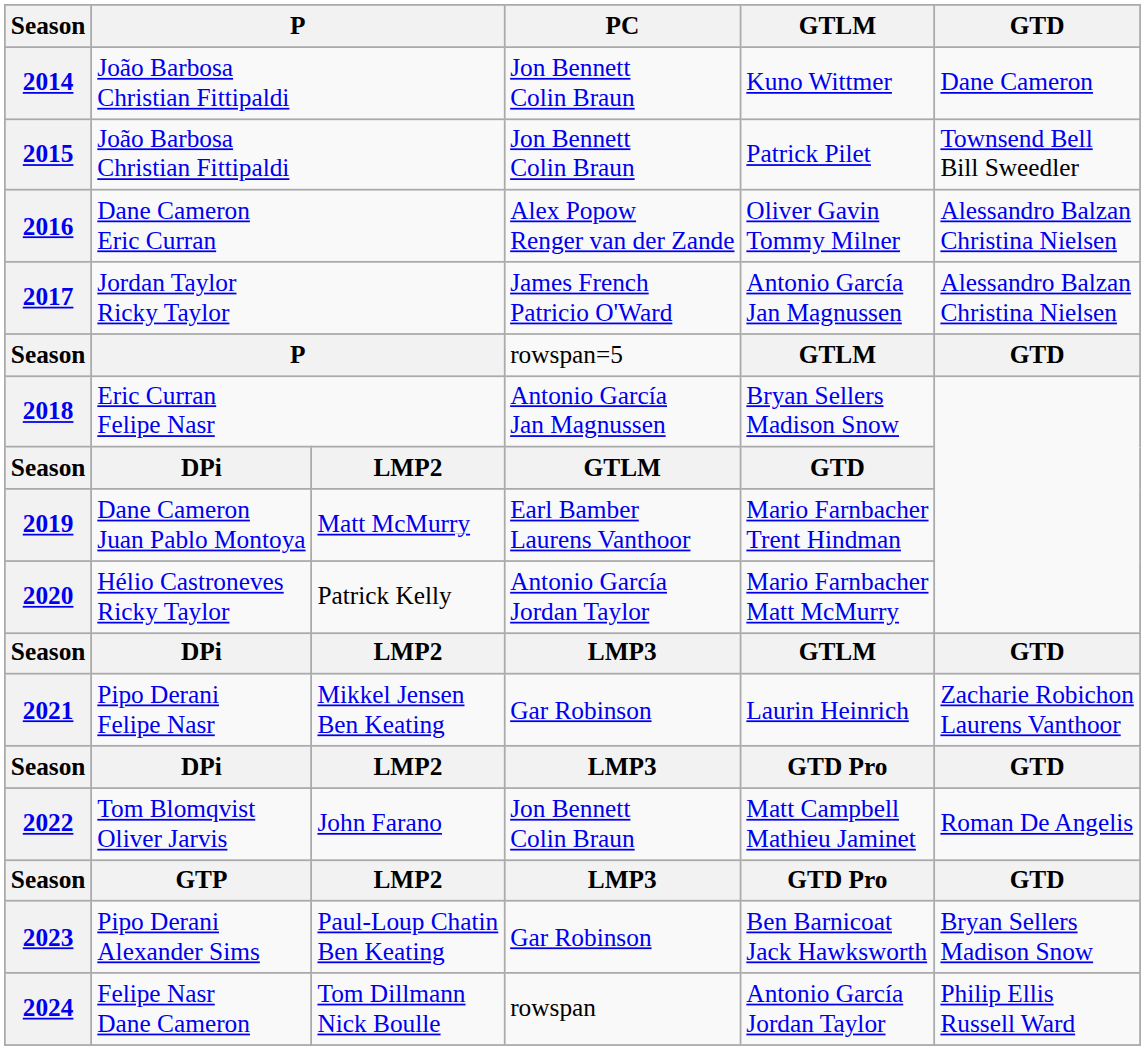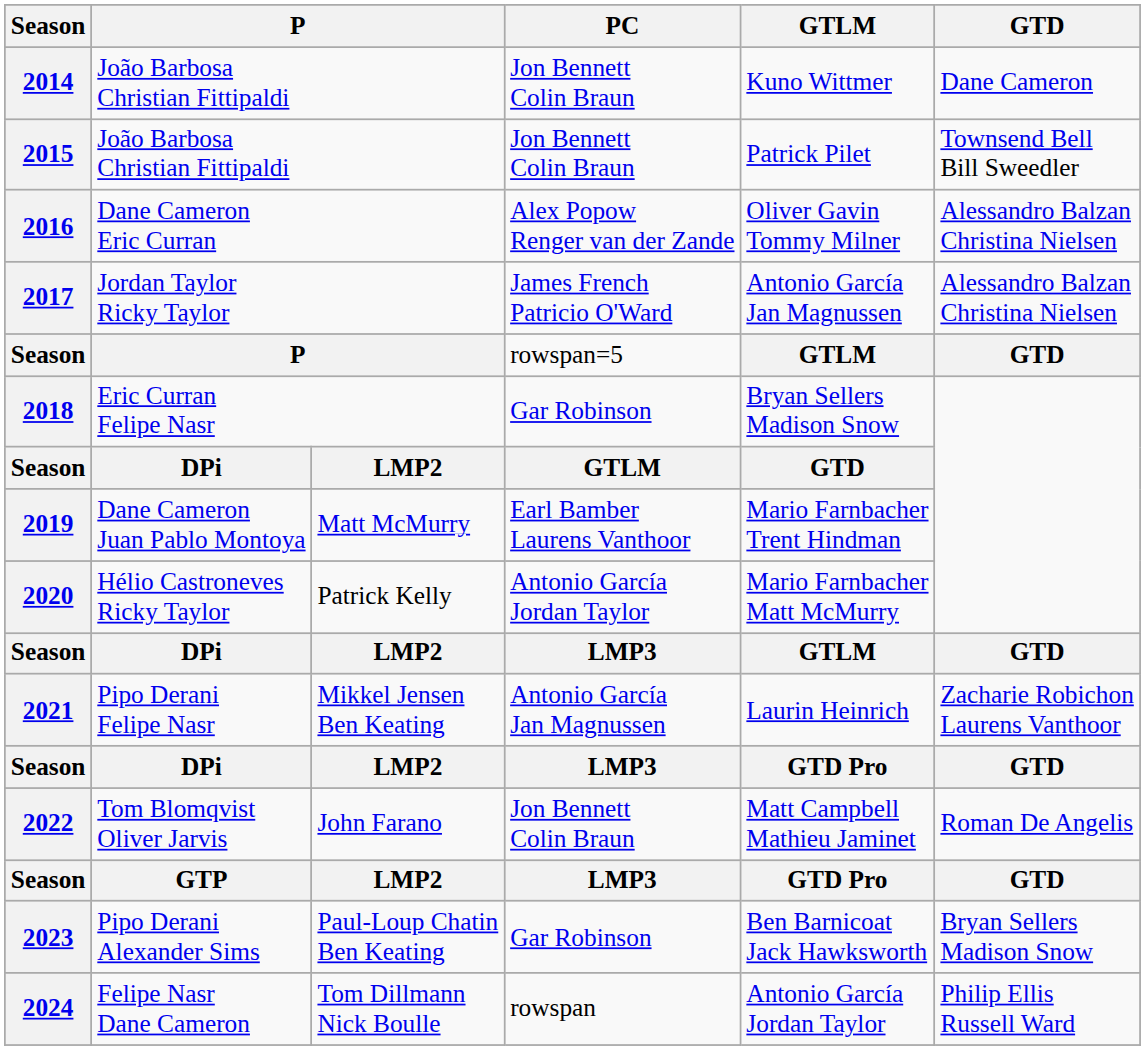 <table class="wikitable" style="font-size:90%">
 <tr>
 <th>Season</th>
 <th colspan=2>P</th>
 <th>PC</th>
 <th>GTLM</th>
 <th>GTD</th>
 </tr>
 <tr>
 <th><a href='#'>2014</a></th>
 <td colspan=2> <a href='#'>João Barbosa</a><br> <a href='#'>Christian Fittipaldi</a></td>
 <td> <a href='#'>Jon Bennett</a><br> <a href='#'>Colin Braun</a></td>
 <td> <a href='#'>Kuno Wittmer</a></td>
 <td> <a href='#'>Dane Cameron</a></td>
 </tr>
 <tr>
 <th><a href='#'>2015</a></th>
 <td colspan=2> <a href='#'>João Barbosa</a><br> <a href='#'>Christian Fittipaldi</a></td>
 <td> <a href='#'>Jon Bennett</a><br> <a href='#'>Colin Braun</a></td>
 <td> <a href='#'>Patrick Pilet</a></td>
 <td> <a href='#'>Townsend Bell</a><br> Bill Sweedler</td>
 </tr>
 <tr>
 <th><a href='#'>2016</a></th>
 <td colspan=2> <a href='#'>Dane Cameron</a><br> <a href='#'>Eric Curran</a></td>
 <td> <a href='#'>Alex Popow</a><br> <a href='#'>Renger van der Zande</a></td>
 <td> <a href='#'>Oliver Gavin</a><br> <a href='#'>Tommy Milner</a></td>
 <td> <a href='#'>Alessandro Balzan</a><br> <a href='#'>Christina Nielsen</a></td>
 </tr>
 <tr>
 <th><a href='#'>2017</a></th>
 <td colspan=2> <a href='#'>Jordan Taylor</a><br> <a href='#'>Ricky Taylor</a></td>
 <td> <a href='#'>James French</a><br> <a href='#'>Patricio O'Ward</a></td>
 <td> <a href='#'>Antonio García</a><br> <a href='#'>Jan Magnussen</a></td>
 <td> <a href='#'>Alessandro Balzan</a><br> <a href='#'>Christina Nielsen</a></td>
 </tr>
 <tr>
 <th>Season</th>
 <th colspan=2>P</th>
 <td>rowspan=5 </td>
 <th>GTLM</th>
 <th>GTD</th>
 </tr>
 <tr>
 <th><a href='#'>2018</a></th>
 <td colspan=2> <a href='#'>Eric Curran</a><br> <a href='#'>Felipe Nasr</a></td>
-<td> <a href='#'>Antonio García</a><br> <a href='#'>Jan Magnussen</a></td>
+<td> <a href='#'>Gar Robinson</a></td>
 <td> <a href='#'>Bryan Sellers</a><br> <a href='#'>Madison Snow</a></td>
 </tr>
 <tr>
 <th>Season</th>
 <th>DPi</th>
 <th>LMP2</th>
 <th>GTLM</th>
 <th>GTD</th>
 </tr>
 <tr>
 <th><a href='#'>2019</a></th>
 <td> <a href='#'>Dane Cameron</a><br> <a href='#'>Juan Pablo Montoya</a></td>
 <td> <a href='#'>Matt McMurry</a></td>
 <td> <a href='#'>Earl Bamber</a><br> <a href='#'>Laurens Vanthoor</a></td>
 <td> <a href='#'>Mario Farnbacher</a><br> <a href='#'>Trent Hindman</a></td>
 </tr>
 <tr>
 <th><a href='#'>2020</a></th>
 <td> <a href='#'>Hélio Castroneves</a><br> <a href='#'>Ricky Taylor</a></td>
 <td> Patrick Kelly</td>
 <td> <a href='#'>Antonio García</a><br> <a href='#'>Jordan Taylor</a></td>
 <td> <a href='#'>Mario Farnbacher</a><br> <a href='#'>Matt McMurry</a></td>
 </tr>
 <tr>
 <th>Season</th>
 <th>DPi</th>
 <th>LMP2</th>
 <th>LMP3</th>
 <th>GTLM</th>
 <th>GTD</th>
 </tr>
 <tr>
 <th><a href='#'>2021</a></th>
 <td> <a href='#'>Pipo Derani</a><br> <a href='#'>Felipe Nasr</a></td>
 <td> <a href='#'>Mikkel Jensen</a><br> <a href='#'>Ben Keating</a></td>
-<td> <a href='#'>Gar Robinson</a></td>
+<td> <a href='#'>Antonio García</a><br> <a href='#'>Jan Magnussen</a></td>
 <td> <a href='#'>Laurin Heinrich</a></td>
 <td> <a href='#'>Zacharie Robichon</a><br> <a href='#'>Laurens Vanthoor</a></td>
 </tr>
 <tr>
 <th>Season</th>
 <th>DPi</th>
 <th>LMP2</th>
 <th>LMP3</th>
 <th>GTD Pro</th>
 <th>GTD</th>
 </tr>
 <tr>
 <th><a href='#'>2022</a></th>
 <td> <a href='#'>Tom Blomqvist</a><br> <a href='#'>Oliver Jarvis</a></td>
 <td> <a href='#'>John Farano</a></td>
 <td> <a href='#'>Jon Bennett</a><br> <a href='#'>Colin Braun</a></td>
 <td> <a href='#'>Matt Campbell</a><br> <a href='#'>Mathieu Jaminet</a></td>
 <td> <a href='#'>Roman De Angelis</a></td>
 </tr>
 <tr>
 <th>Season</th>
 <th>GTP</th>
 <th>LMP2</th>
 <th>LMP3</th>
 <th>GTD Pro</th>
 <th>GTD</th>
 </tr>
 <tr>
 <th><a href='#'>2023</a></th>
 <td> <a href='#'>Pipo Derani</a><br> <a href='#'>Alexander Sims</a></td>
 <td> <a href='#'>Paul-Loup Chatin</a><br> <a href='#'>Ben Keating</a></td>
 <td> <a href='#'>Gar Robinson</a></td>
 <td> <a href='#'>Ben Barnicoat</a><br> <a href='#'>Jack Hawksworth</a></td>
 <td> <a href='#'>Bryan Sellers</a><br> <a href='#'>Madison Snow</a></td>
 </tr>
 <tr>
 <th><a href='#'>2024</a></th>
 <td> <a href='#'>Felipe Nasr</a><br> <a href='#'>Dane Cameron</a></td>
 <td> <a href='#'>Tom Dillmann</a><br> <a href='#'>Nick Boulle</a></td>
 <td>rowspan </td>
 <td> <a href='#'>Antonio García</a><br> <a href='#'>Jordan Taylor</a></td>
 <td> <a href='#'>Philip Ellis</a><br> <a href='#'>Russell Ward</a></td>
 </tr>
 </table>
